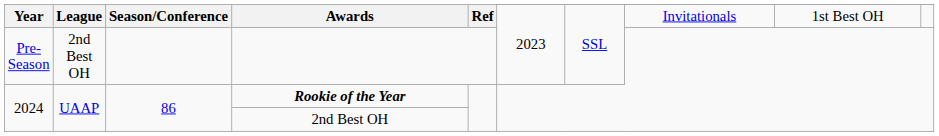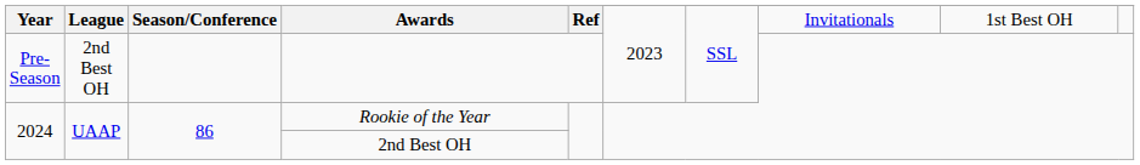 <table class="wikitable sortable" style="text-align:center" width="80%">
 <tr>
 <th style="width:5px;" rowspan="2">Year</th>
 <th style="width:5px;" rowspan="2">League</th>
 <th style="width:10px;" rowspan="2">Season/Conference</th>
 <th style="width:250px;" rowspan="2">Awards</th>
 <th style="width:5px;" rowspan="2">Ref</th>
 </tr>
 <tr align=center>
 <td rowspan="2">2023</td>
 <td rowspan="2"><a href='#'>SSL</a></td>
 <td><a href='#'>Invitationals</a></td>
 <td>1st Best OH</td>
 <td></td>
 </tr>
 <tr>
 <td><a href='#'>Pre-Season</a></td>
 <td>2nd Best OH</td>
 <td></td>
 </tr>
 <tr>
 <td rowspan="2">2024</td>
 <td rowspan="2"><a href='#'>UAAP</a></td>
 <td rowspan="2"><a href='#'>86</a></td>
-<td><strong><em>Rookie of the Year</em></strong></td>
+<td><em>Rookie of the Year</em></td>
 <td rowspan="2"></td>
 </tr>
 <tr>
 <td>2nd Best OH</td>
 </tr>
 </table>
